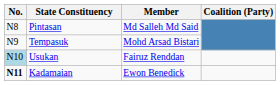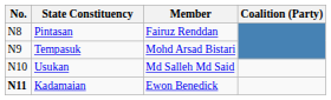 <table class="wikitable sortable">
 <tr>
 <th width="30">No.</th>
 <th width="150">State Constituency</th>
 <th>Member</th>
 <th>Coalition (Party)</th>
 </tr>
 <tr>
 <td>N8</td>
 <td><a href='#'>Pintasan</a></td>
-<td><a href='#'>Md Salleh Md Said</a></td>
+<td><a href='#'>Fairuz Renddan</a></td>
 <td rowspan="2" style="background-color: #4682B4;"></td>
 </tr>
 <tr>
 <td>N9</td>
 <td><a href='#'>Tempasuk</a></td>
 <td><a href='#'>Mohd Arsad Bistari</a></td>
 </tr>
 <tr>
-<td style="background: lightblue;">N10</td>
+<td>N10</td>
 <td><a href='#'>Usukan</a></td>
-<td><a href='#'>Fairuz Renddan</a></td>
+<td><a href='#'>Md Salleh Md Said</a></td>
 <td></td>
 </tr>
 <tr>
 <td><strong>N11</strong></td>
 <td><a href='#'>Kadamaian</a></td>
 <td><a href='#'>Ewon Benedick</a></td>
 <td></td>
 </tr>
 </table>
